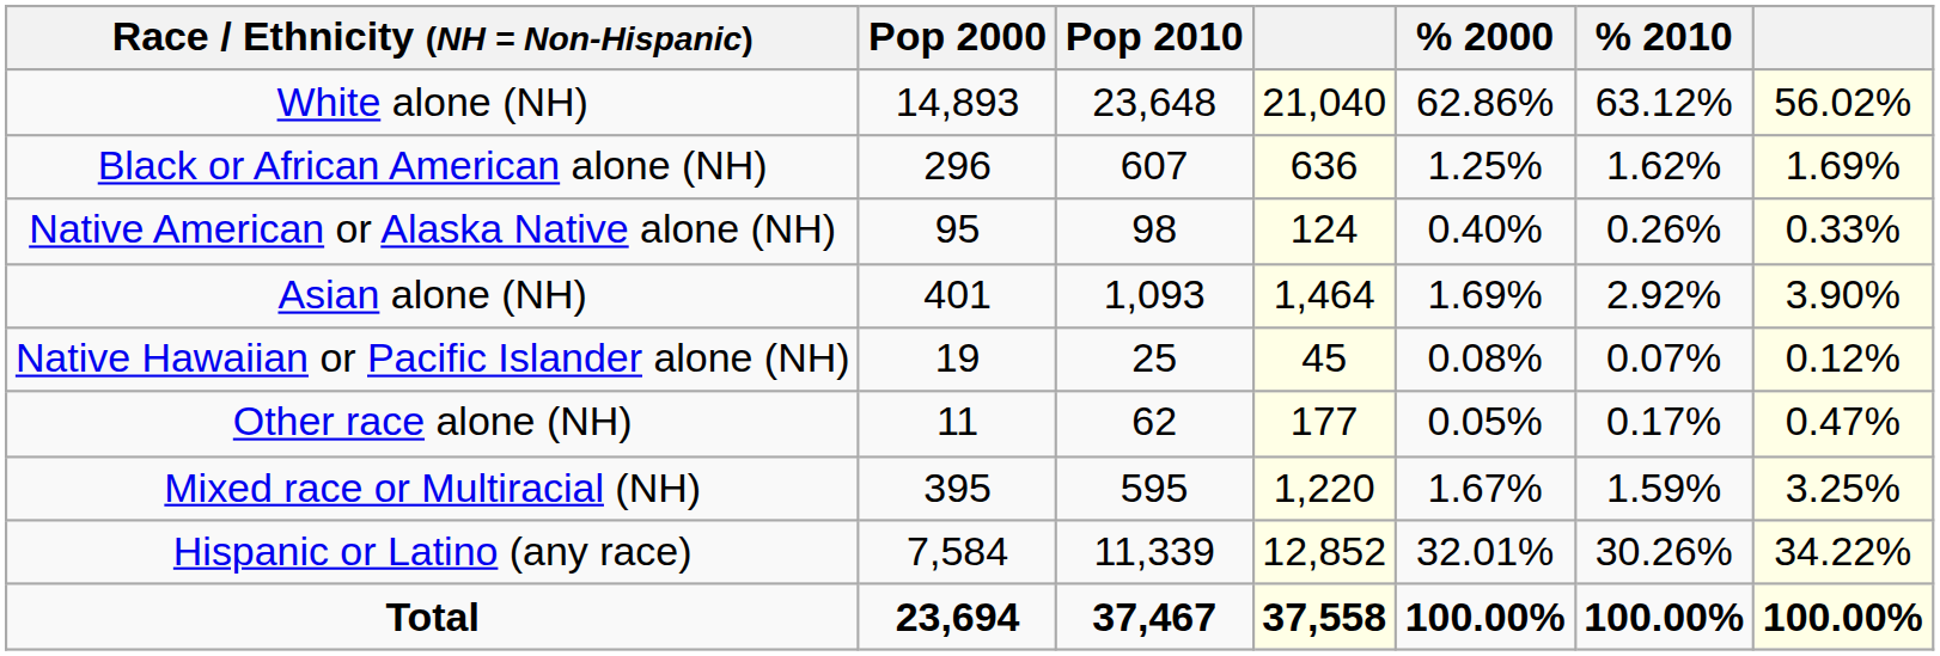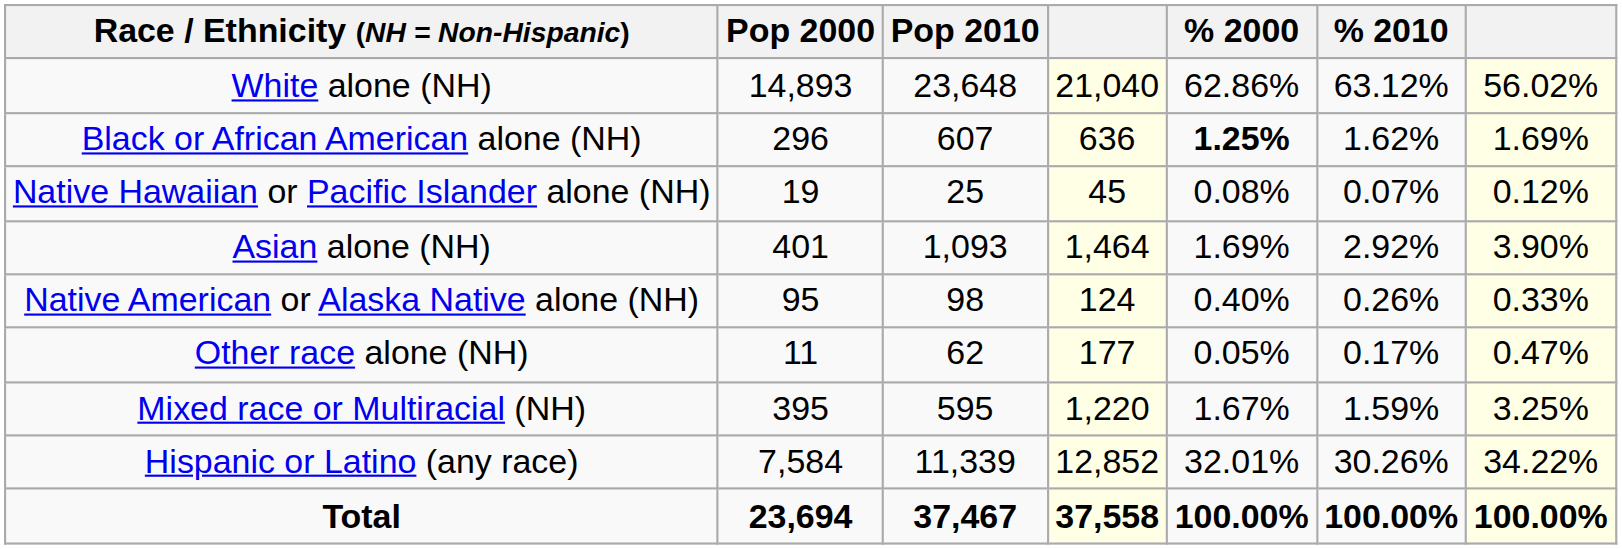 <table class="wikitable" style="text-align:center;">
 <tr>
 <th>Race / Ethnicity <small>(<em>NH = Non-Hispanic</em>)</small></th>
 <th>Pop 2000</th>
 <th>Pop 2010</th>
 <th></th>
 <th>% 2000</th>
 <th>% 2010</th>
 <th></th>
 </tr>
 <tr>
 <td><a href='#'>White</a> alone (NH)</td>
 <td>14,893</td>
 <td>23,648</td>
 <td style='background: #ffffe6;'>21,040</td>
 <td>62.86%</td>
 <td>63.12%</td>
 <td style='background: #ffffe6;'>56.02%</td>
 </tr>
 <tr>
 <td><a href='#'>Black or African American</a> alone (NH)</td>
 <td>296</td>
 <td>607</td>
 <td style='background: #ffffe6;'>636</td>
-<td>1.25%</td>
+<td><strong>1.25%</strong></td>
 <td>1.62%</td>
 <td style='background: #ffffe6;'>1.69%</td>
 </tr>
 <tr>
-<td><a href='#'>Native American</a> or <a href='#'>Alaska Native</a> alone (NH)</td>
-<td>95</td>
-<td>98</td>
-<td style='background: #ffffe6;'>124</td>
-<td>0.40%</td>
-<td>0.26%</td>
-<td style='background: #ffffe6;'>0.33%</td>
+<td><a href='#'>Native Hawaiian</a> or <a href='#'>Pacific Islander</a> alone (NH)</td>
+<td>19</td>
+<td>25</td>
+<td style='background: #ffffe6;'>45</td>
+<td>0.08%</td>
+<td>0.07%</td>
+<td style='background: #ffffe6;'>0.12%</td>
 </tr>
 <tr>
 <td><a href='#'>Asian</a> alone (NH)</td>
 <td>401</td>
 <td>1,093</td>
 <td style='background: #ffffe6;'>1,464</td>
 <td>1.69%</td>
 <td>2.92%</td>
 <td style='background: #ffffe6;'>3.90%</td>
 </tr>
 <tr>
-<td><a href='#'>Native Hawaiian</a> or <a href='#'>Pacific Islander</a> alone (NH)</td>
-<td>19</td>
-<td>25</td>
-<td style='background: #ffffe6;'>45</td>
-<td>0.08%</td>
-<td>0.07%</td>
-<td style='background: #ffffe6;'>0.12%</td>
+<td><a href='#'>Native American</a> or <a href='#'>Alaska Native</a> alone (NH)</td>
+<td>95</td>
+<td>98</td>
+<td style='background: #ffffe6;'>124</td>
+<td>0.40%</td>
+<td>0.26%</td>
+<td style='background: #ffffe6;'>0.33%</td>
 </tr>
 <tr>
 <td><a href='#'>Other race</a> alone (NH)</td>
 <td>11</td>
 <td>62</td>
 <td style='background: #ffffe6;'>177</td>
 <td>0.05%</td>
 <td>0.17%</td>
 <td style='background: #ffffe6;'>0.47%</td>
 </tr>
 <tr>
 <td><a href='#'>Mixed race or Multiracial</a> (NH)</td>
 <td>395</td>
 <td>595</td>
 <td style='background: #ffffe6;'>1,220</td>
 <td>1.67%</td>
 <td>1.59%</td>
 <td style='background: #ffffe6;'>3.25%</td>
 </tr>
 <tr>
 <td><a href='#'>Hispanic or Latino</a> (any race)</td>
 <td>7,584</td>
 <td>11,339</td>
 <td style='background: #ffffe6;'>12,852</td>
 <td>32.01%</td>
 <td>30.26%</td>
 <td style='background: #ffffe6;'>34.22%</td>
 </tr>
 <tr>
 <td><strong>Total</strong></td>
 <td><strong>23,694</strong></td>
 <td><strong>37,467</strong></td>
 <td style='background: #ffffe6;'><strong>37,558</strong></td>
 <td><strong>100.00%</strong></td>
 <td><strong>100.00%</strong></td>
 <td style='background: #ffffe6;'><strong>100.00%</strong></td>
 </tr>
 </table>
